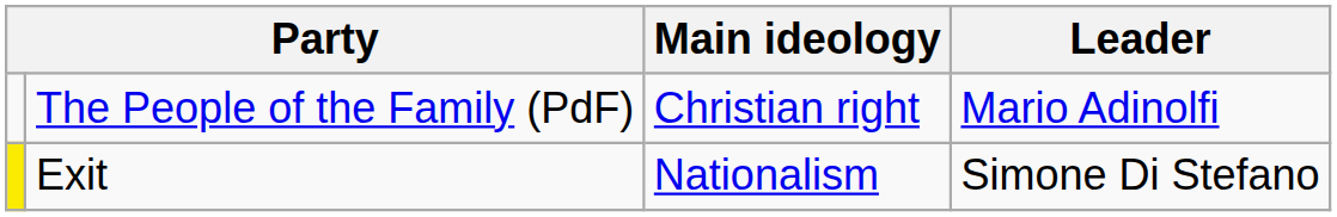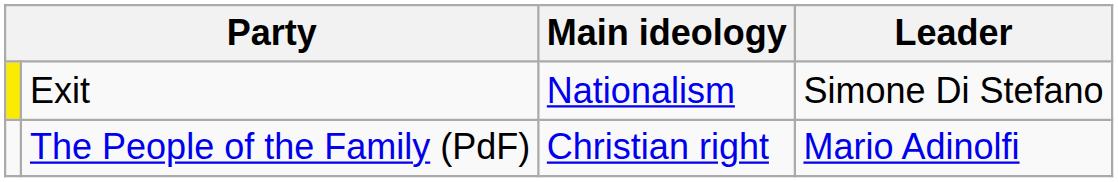 <table class=wikitable style=text-align:left>
 <tr>
 <th colspan=2>Party</th>
 <th>Main ideology</th>
 <th>Leader</th>
 </tr>
 <tr>
+<td bgcolor=#FAEB00></td>
+<td>Exit</td>
+<td><a href='#'>Nationalism</a></td>
+<td>Simone Di Stefano</td>
+</tr>
+<tr>
 <td></td>
 <td><a href='#'>The People of the Family</a> (PdF)</td>
 <td><a href='#'>Christian right</a></td>
 <td><a href='#'>Mario Adinolfi</a></td>
 </tr>
-<tr>
-<td bgcolor=#FAEB00></td>
-<td>Exit</td>
-<td><a href='#'>Nationalism</a></td>
-<td>Simone Di Stefano</td>
-</tr>
 </table>
